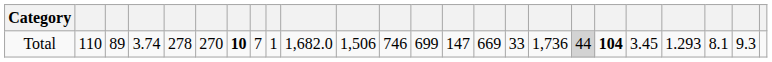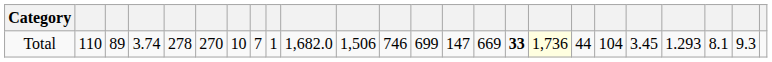 <table class="wikitable"  style="font-size: 95%; text-align:center;">
 <tr>
 <th>Category</th>
 <th></th>
 <th></th>
 <th></th>
 <th></th>
 <th></th>
 <th></th>
 <th></th>
 <th></th>
 <th></th>
 <th></th>
 <th></th>
 <th></th>
 <th></th>
 <th></th>
 <th></th>
 <th></th>
 <th></th>
 <th></th>
 <th></th>
 <th></th>
 <th></th>
 <th></th>
 <th></th>
 </tr>
 <tr>
 <td>Total</td>
 <td>110</td>
 <td>89</td>
 <td>3.74</td>
 <td>278</td>
 <td>270</td>
-<td><strong>10</strong></td>
+<td>10</td>
 <td>7</td>
 <td>1</td>
 <td>1,682.0</td>
 <td>1,506</td>
 <td>746</td>
 <td>699</td>
 <td>147</td>
 <td>669</td>
-<td>33</td>
-<td>1,736</td>
-<td style="background: lightgrey;">44</td>
-<td><strong>104</strong></td>
+<td><strong>33</strong></td>
+<td style="background: lightyellow;">1,736</td>
+<td>44</td>
+<td>104</td>
 <td>3.45</td>
 <td>1.293</td>
 <td>8.1</td>
 <td>9.3</td>
 <td></td>
 </tr>
 </table>
